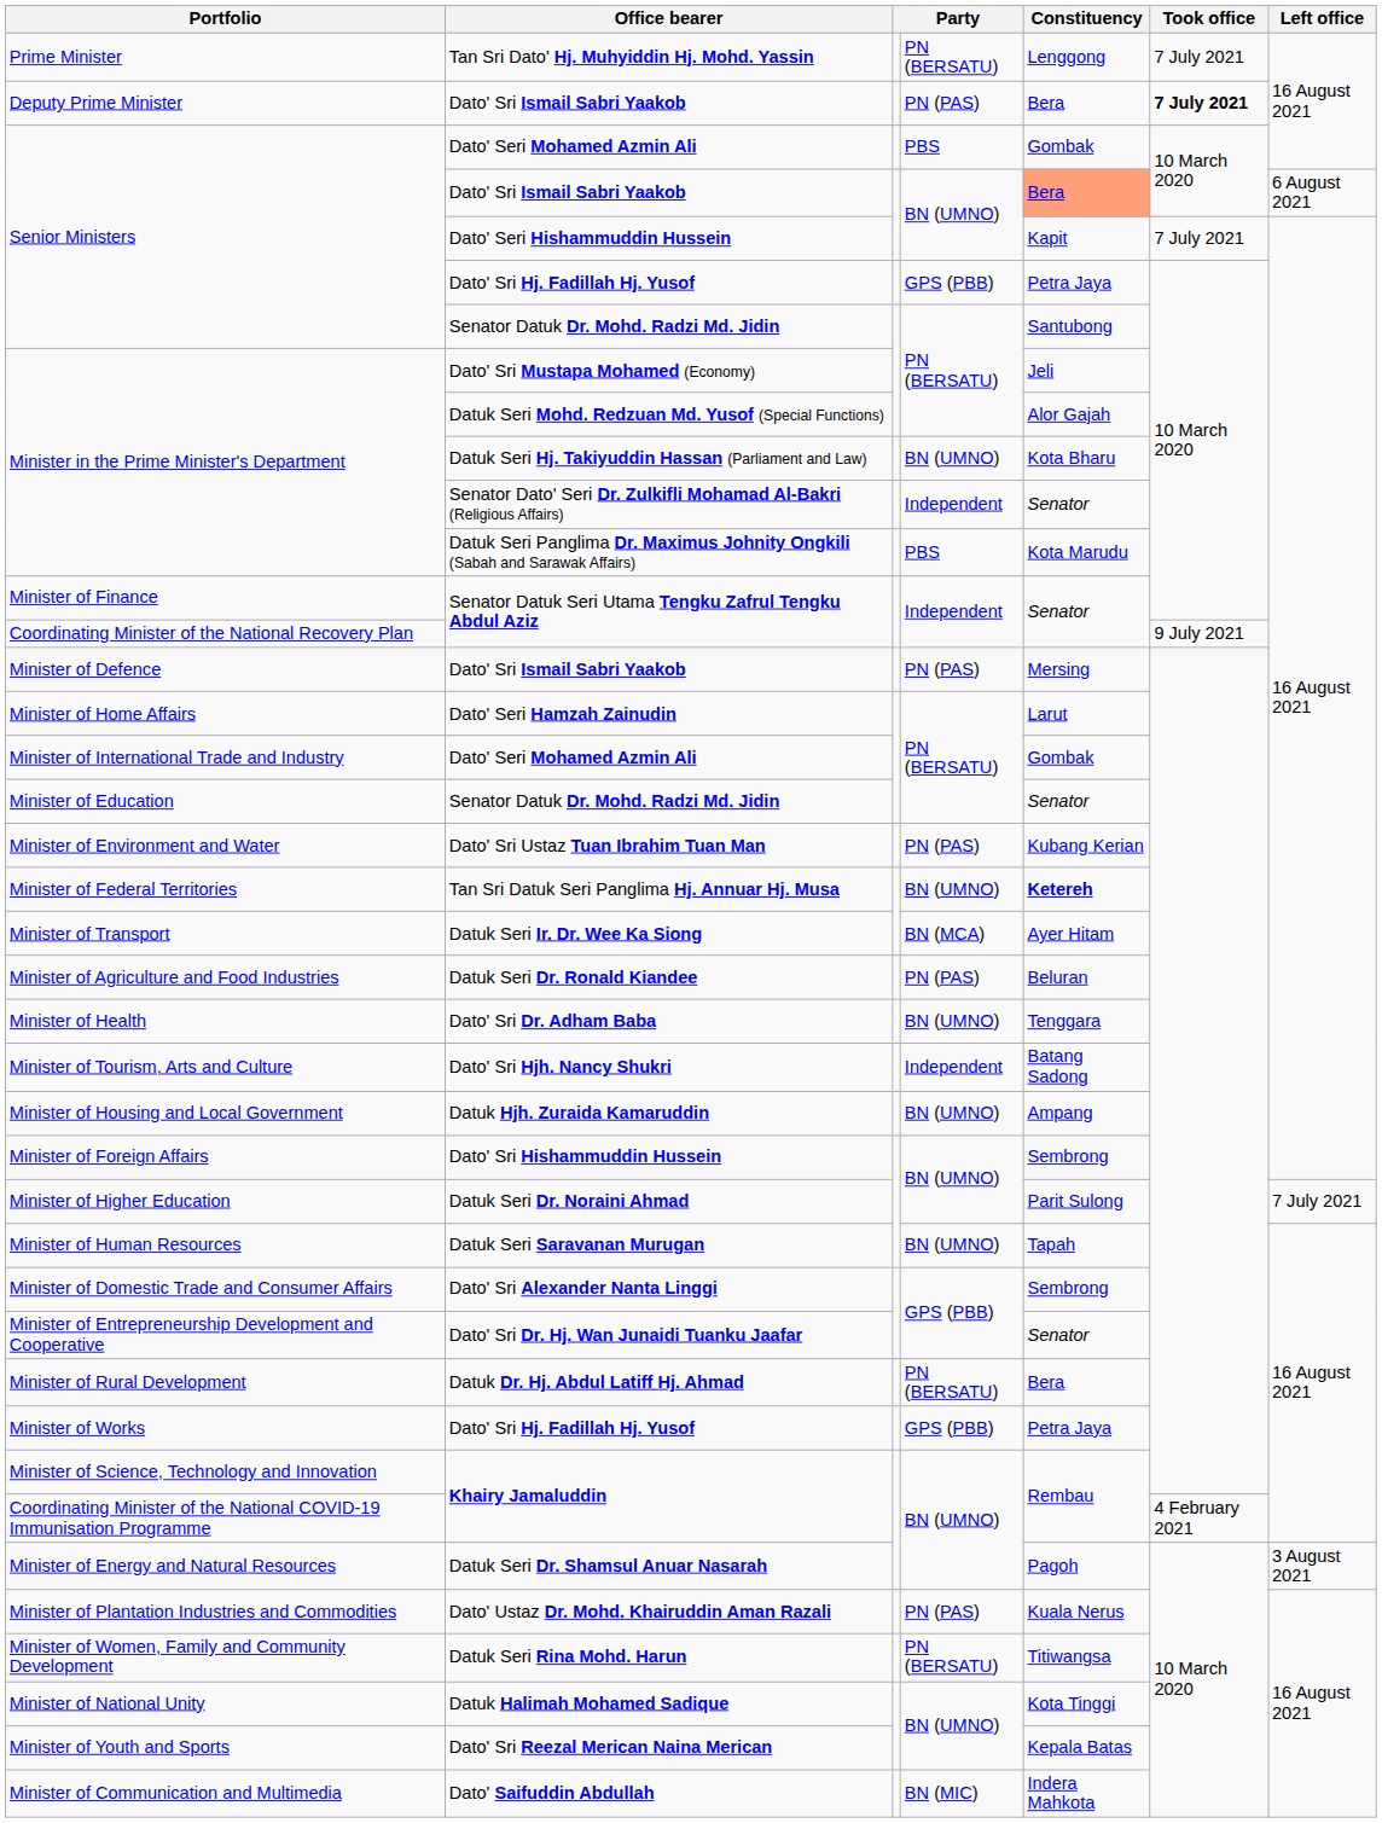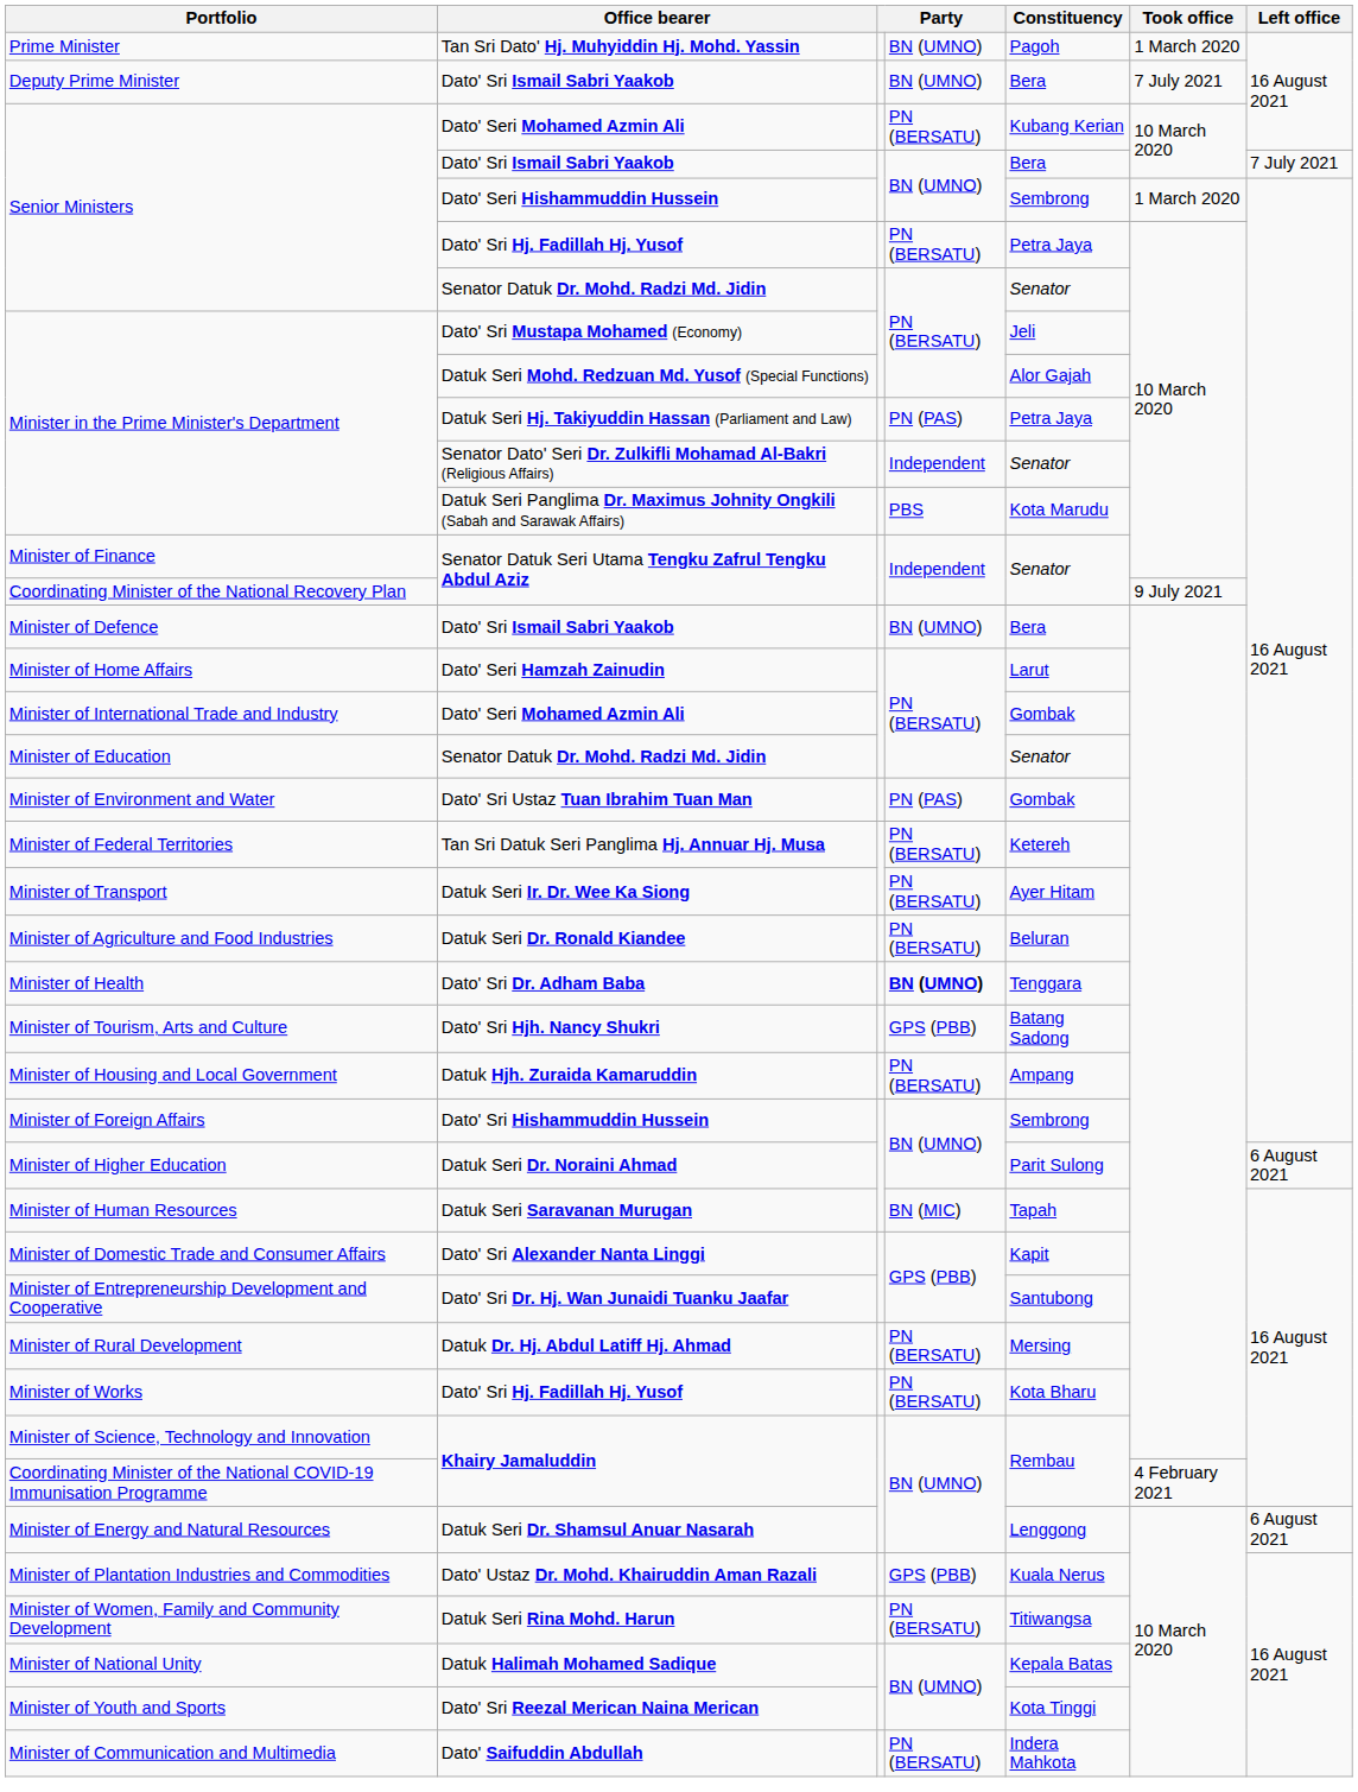 <table class="sortable wikitable">
 <tr>
 <th>Portfolio</th>
 <th>Office bearer</th>
 <th colspan=2>Party</th>
 <th>Constituency</th>
 <th>Took office</th>
 <th>Left office</th>
 </tr>
 <tr>
 <td><a href='#'>Prime Minister</a></td>
 <td>Tan Sri Dato' <strong><a href='#'>Hj. Muhyiddin Hj. Mohd. Yassin</a></strong> </td>
 <td></td>
-<td><a href='#'>PN</a> (<a href='#'>BERSATU</a>)</td>
-<td><a href='#'>Lenggong</a></td>
-<td>7 July 2021</td>
+<td><a href='#'>BN</a> (<a href='#'>UMNO</a>)</td>
+<td><a href='#'>Pagoh</a></td>
+<td>1 March 2020</td>
 <td rowspan="3">16 August 2021</td>
 </tr>
 <tr style="height: 40px;">
 <td><a href='#'>Deputy Prime Minister</a></td>
 <td>Dato' Sri <strong><a href='#'>Ismail Sabri Yaakob</a></strong> </td>
 <td></td>
-<td><a href='#'>PN</a> (<a href='#'>PAS</a>)</td>
+<td><a href='#'>BN</a> (<a href='#'>UMNO</a>)</td>
 <td><a href='#'>Bera</a></td>
-<td><strong>7 July 2021</strong></td>
+<td>7 July 2021</td>
 </tr>
 <tr style="height: 40px;">
 <td rowspan="5"><a href='#'>Senior Ministers</a></td>
 <td>Dato' Seri <strong><a href='#'>Mohamed Azmin Ali</a></strong>  </td>
 <td></td>
-<td><a href='#'>PBS</a></td>
-<td><a href='#'>Gombak</a></td>
+<td><a href='#'>PN</a> (<a href='#'>BERSATU</a>)</td>
+<td><a href='#'>Kubang Kerian</a></td>
 <td rowspan="2">10 March 2020</td>
 </tr>
 <tr>
 <td>Dato' Sri <strong><a href='#'>Ismail Sabri Yaakob</a></strong>  </td>
 <td rowspan="2"></td>
 <td rowspan="2"><a href='#'>BN</a> (<a href='#'>UMNO</a>)</td>
-<td style="background: lightsalmon;"><a href='#'>Bera</a></td>
-<td>6 August 2021</td>
+<td><a href='#'>Bera</a></td>
+<td>7 July 2021</td>
 </tr>
 <tr style="height: 40px;">
 <td>Dato' Seri <strong><a href='#'>Hishammuddin Hussein</a></strong>  </td>
-<td><a href='#'>Kapit</a></td>
-<td>7 July 2021</td>
+<td><a href='#'>Sembrong</a></td>
+<td>1 March 2020</td>
 <td rowspan="22">16 August 2021</td>
 </tr>
 <tr style="height: 40px;">
 <td>Dato' Sri <strong><a href='#'>Hj. Fadillah Hj. Yusof</a></strong>  </td>
 <td></td>
-<td><a href='#'>GPS</a> (<a href='#'>PBB</a>)</td>
+<td><a href='#'>PN</a> (<a href='#'>BERSATU</a>)</td>
 <td><a href='#'>Petra Jaya</a></td>
 <td rowspan="8">10 March 2020</td>
 </tr>
 <tr style="height: 40px;">
 <td>Senator Datuk <strong><a href='#'>Dr. Mohd. Radzi Md. Jidin</a></strong> </td>
 <td rowspan="3"></td>
 <td rowspan="3"><a href='#'>PN</a> (<a href='#'>BERSATU</a>)</td>
-<td><a href='#'>Santubong</a></td>
+<td><em>Senator</em></td>
 </tr>
 <tr style="height: 40px;">
 <td rowspan="5"><a href='#'>Minister in the Prime Minister's Department</a></td>
 <td>Dato' Sri <strong><a href='#'>Mustapa Mohamed</a></strong>  <small>(Economy)</small></td>
 <td><a href='#'>Jeli</a></td>
 </tr>
 <tr style="height: 40px;">
 <td>Datuk Seri <strong><a href='#'>Mohd. Redzuan Md. Yusof</a></strong>  <small>(Special Functions)</small></td>
 <td><a href='#'>Alor Gajah</a></td>
 </tr>
 <tr style="height: 40px;">
 <td>Datuk Seri <strong><a href='#'>Hj. Takiyuddin Hassan</a></strong>  <small>(Parliament and Law)</small></td>
 <td></td>
-<td><a href='#'>BN</a> (<a href='#'>UMNO</a>)</td>
-<td><a href='#'>Kota Bharu</a></td>
+<td><a href='#'>PN</a> (<a href='#'>PAS</a>)</td>
+<td><a href='#'>Petra Jaya</a></td>
 </tr>
 <tr style="height: 40px;">
 <td>Senator Dato' Seri <strong><a href='#'>Dr. Zulkifli Mohamad Al-Bakri</a></strong> <small>(Religious Affairs)</small></td>
 <td></td>
 <td><a href='#'>Independent</a></td>
 <td><em>Senator</em></td>
 </tr>
 <tr style="height: 40px;">
 <td>Datuk Seri Panglima <strong><a href='#'>Dr. Maximus Johnity Ongkili</a></strong>  <small>(Sabah and Sarawak Affairs)</small></td>
 <td style="background:"></td>
 <td><a href='#'>PBS</a></td>
 <td><a href='#'>Kota Marudu</a></td>
 </tr>
 <tr style="height: 40px;">
 <td><a href='#'>Minister of Finance</a></td>
 <td rowspan="2">Senator Datuk Seri Utama <strong><a href='#'>Tengku Zafrul Tengku Abdul Aziz</a></strong></td>
 <td rowspan="2"></td>
 <td rowspan="2"><a href='#'>Independent</a></td>
 <td rowspan="2"><em>Senator</em></td>
 </tr>
 <tr>
 <td><a href='#'>Coordinating Minister of the National Recovery Plan</a></td>
 <td>9 July 2021</td>
 </tr>
 <tr style="height: 40px;">
 <td><a href='#'>Minister of Defence</a></td>
 <td>Dato' Sri <strong><a href='#'>Ismail Sabri Yaakob</a></strong> </td>
 <td></td>
-<td><a href='#'>PN</a> (<a href='#'>PAS</a>)</td>
-<td><a href='#'>Mersing</a></td>
+<td><a href='#'>BN</a> (<a href='#'>UMNO</a>)</td>
+<td><a href='#'>Bera</a></td>
 <td rowspan="19"></td>
 </tr>
 <tr style="height: 40px;">
 <td><a href='#'>Minister of Home Affairs</a></td>
 <td>Dato' Seri <strong><a href='#'>Hamzah Zainudin</a></strong> </td>
 <td rowspan=3></td>
 <td rowspan=3><a href='#'>PN</a> (<a href='#'>BERSATU</a>)</td>
 <td><a href='#'>Larut</a></td>
 </tr>
 <tr style="height: 40px;">
 <td><a href='#'>Minister of International Trade and Industry</a></td>
 <td>Dato' Seri <strong><a href='#'>Mohamed Azmin Ali</a></strong> </td>
 <td><a href='#'>Gombak</a></td>
 </tr>
 <tr style="height: 40px;">
 <td><a href='#'>Minister of Education</a></td>
 <td>Senator Datuk <strong><a href='#'>Dr. Mohd. Radzi Md. Jidin</a></strong></td>
 <td><em>Senator</em></td>
 </tr>
 <tr style="height: 40px;">
 <td><a href='#'>Minister of Environment and Water</a></td>
 <td>Dato' Sri Ustaz <strong><a href='#'>Tuan Ibrahim Tuan Man</a></strong> </td>
 <td></td>
 <td><a href='#'>PN</a> (<a href='#'>PAS</a>)</td>
-<td><a href='#'>Kubang Kerian</a></td>
+<td><a href='#'>Gombak</a></td>
 </tr>
 <tr style="height: 40px;">
 <td><a href='#'>Minister of Federal Territories</a></td>
 <td>Tan Sri Datuk Seri Panglima <strong><a href='#'>Hj. Annuar Hj. Musa</a></strong> </td>
 <td rowspan=2></td>
-<td><a href='#'>BN</a> (<a href='#'>UMNO</a>)</td>
-<td><strong><a href='#'>Ketereh</a></strong></td>
+<td><a href='#'>PN</a> (<a href='#'>BERSATU</a>)</td>
+<td><a href='#'>Ketereh</a></td>
 </tr>
 <tr style="height: 40px;">
 <td><a href='#'>Minister of Transport</a></td>
 <td>Datuk Seri <strong><a href='#'>Ir. Dr. Wee Ka Siong</a></strong> </td>
-<td><a href='#'>BN</a> (<a href='#'>MCA</a>)</td>
+<td><a href='#'>PN</a> (<a href='#'>BERSATU</a>)</td>
 <td><a href='#'>Ayer Hitam</a></td>
 </tr>
 <tr style="height: 40px;">
 <td><a href='#'>Minister of Agriculture and Food Industries</a></td>
 <td>Datuk Seri <strong><a href='#'>Dr. Ronald Kiandee</a></strong> </td>
 <td></td>
-<td><a href='#'>PN</a> (<a href='#'>PAS</a>)</td>
+<td><a href='#'>PN</a> (<a href='#'>BERSATU</a>)</td>
 <td><a href='#'>Beluran</a></td>
 </tr>
 <tr style="height: 40px;">
 <td><a href='#'>Minister of Health</a></td>
 <td>Dato' Sri <strong><a href='#'>Dr. Adham Baba</a> </strong> </td>
 <td></td>
-<td><a href='#'>BN</a> (<a href='#'>UMNO</a>)</td>
+<td><strong><a href='#'>BN</a> (<a href='#'>UMNO</a>)</strong></td>
 <td><a href='#'>Tenggara</a></td>
 </tr>
 <tr style="height: 40px;">
 <td><a href='#'>Minister of Tourism, Arts and Culture</a></td>
 <td>Dato' Sri <strong><a href='#'>Hjh. Nancy Shukri</a></strong> </td>
 <td></td>
-<td><a href='#'>Independent</a></td>
+<td><a href='#'>GPS</a> (<a href='#'>PBB</a>)</td>
 <td><a href='#'>Batang Sadong</a></td>
 </tr>
 <tr style="height: 40px;">
 <td><a href='#'>Minister of Housing and Local Government</a></td>
 <td>Datuk <strong><a href='#'>Hjh. Zuraida Kamaruddin</a></strong> </td>
 <td></td>
-<td><a href='#'>BN</a> (<a href='#'>UMNO</a>)</td>
+<td><a href='#'>PN</a> (<a href='#'>BERSATU</a>)</td>
 <td><a href='#'>Ampang</a></td>
 </tr>
 <tr style="height: 40px;">
 <td><a href='#'>Minister of Foreign Affairs</a></td>
 <td>Dato' Sri <strong><a href='#'>Hishammuddin Hussein</a></strong> </td>
 <td rowspan=3></td>
 <td rowspan=2><a href='#'>BN</a> (<a href='#'>UMNO</a>)</td>
 <td><a href='#'>Sembrong</a></td>
 </tr>
 <tr style="height: 40px;">
 <td><a href='#'>Minister of Higher Education</a></td>
 <td>Datuk Seri <strong><a href='#'>Dr. Noraini Ahmad</a></strong> </td>
 <td><a href='#'>Parit Sulong</a></td>
-<td>7 July 2021</td>
+<td>6 August 2021</td>
 </tr>
 <tr style="height: 40px;">
 <td><a href='#'>Minister of Human Resources</a></td>
 <td>Datuk Seri <strong><a href='#'>Saravanan Murugan</a></strong> </td>
-<td><a href='#'>BN</a> (<a href='#'>UMNO</a>)</td>
+<td><a href='#'>BN</a> (<a href='#'>MIC</a>)</td>
 <td><a href='#'>Tapah</a></td>
 <td rowspan="7">16 August 2021</td>
 </tr>
 <tr style="height: 40px;">
 <td><a href='#'>Minister of Domestic Trade and Consumer Affairs</a></td>
 <td>Dato' Sri <strong><a href='#'>Alexander Nanta Linggi</a></strong> </td>
 <td rowspan=2></td>
 <td rowspan=2><a href='#'>GPS</a> (<a href='#'>PBB</a>)</td>
-<td><a href='#'>Sembrong</a></td>
+<td><a href='#'>Kapit</a></td>
 </tr>
 <tr style="height: 40px;">
 <td><a href='#'>Minister of Entrepreneurship Development and Cooperative</a></td>
 <td>Dato' Sri <strong><a href='#'>Dr. Hj. Wan Junaidi Tuanku Jaafar</a></strong> </td>
-<td><em>Senator</em></td>
+<td><a href='#'>Santubong</a></td>
 </tr>
 <tr style="height: 40px;">
 <td><a href='#'>Minister of Rural Development</a></td>
 <td>Datuk <strong><a href='#'>Dr. Hj. Abdul Latiff Hj. Ahmad</a></strong> </td>
 <td></td>
 <td><a href='#'>PN</a> (<a href='#'>BERSATU</a>)</td>
-<td><a href='#'>Bera</a></td>
+<td><a href='#'>Mersing</a></td>
 </tr>
 <tr style="height: 40px;">
 <td><a href='#'>Minister of Works</a></td>
 <td>Dato' Sri <strong><a href='#'>Hj. Fadillah Hj. Yusof</a></strong> </td>
 <td></td>
-<td><a href='#'>GPS</a> (<a href='#'>PBB</a>)</td>
-<td><a href='#'>Petra Jaya</a></td>
+<td><a href='#'>PN</a> (<a href='#'>BERSATU</a>)</td>
+<td><a href='#'>Kota Bharu</a></td>
 </tr>
 <tr style="height: 40px;">
 <td><a href='#'>Minister of Science, Technology and Innovation</a></td>
 <td rowspan="2"><strong><a href='#'>Khairy Jamaluddin</a></strong> </td>
 <td rowspan="3"></td>
 <td rowspan="3"><a href='#'>BN</a> (<a href='#'>UMNO</a>)</td>
 <td rowspan="2"><a href='#'>Rembau</a></td>
 </tr>
 <tr>
 <td><a href='#'>Coordinating Minister of the National COVID-19 Immunisation Programme</a></td>
 <td>4 February 2021</td>
 </tr>
 <tr style="height: 40px;">
 <td><a href='#'>Minister of Energy and Natural Resources</a></td>
 <td>Datuk Seri <strong><a href='#'>Dr. Shamsul Anuar Nasarah</a></strong> </td>
-<td><a href='#'>Pagoh</a></td>
+<td><a href='#'>Lenggong</a></td>
 <td rowspan="6">10 March 2020</td>
-<td>3 August 2021</td>
+<td>6 August 2021</td>
 </tr>
 <tr style="height: 40px;">
 <td><a href='#'>Minister of Plantation Industries and Commodities</a></td>
 <td>Dato' Ustaz <strong><a href='#'>Dr. Mohd. Khairuddin Aman Razali</a></strong> </td>
 <td></td>
-<td><a href='#'>PN</a> (<a href='#'>PAS</a>)</td>
+<td><a href='#'>GPS</a> (<a href='#'>PBB</a>)</td>
 <td><a href='#'>Kuala Nerus</a></td>
 <td rowspan="31">16 August 2021</td>
 </tr>
 <tr style="height: 40px;">
 <td><a href='#'>Minister of Women, Family and Community Development</a></td>
 <td>Datuk Seri <strong><a href='#'>Rina Mohd. Harun</a></strong> </td>
 <td></td>
 <td><a href='#'>PN</a> (<a href='#'>BERSATU</a>)</td>
 <td><a href='#'>Titiwangsa</a></td>
 </tr>
 <tr style="height: 40px;">
 <td><a href='#'>Minister of National Unity</a></td>
 <td>Datuk <strong><a href='#'>Halimah Mohamed Sadique</a></strong> </td>
 <td rowspan=2></td>
 <td rowspan=2><a href='#'>BN</a> (<a href='#'>UMNO</a>)</td>
-<td><a href='#'>Kota Tinggi</a></td>
+<td><a href='#'>Kepala Batas</a></td>
 </tr>
 <tr style="height: 40px;">
 <td><a href='#'>Minister of Youth and Sports</a></td>
 <td>Dato' Sri <strong><a href='#'>Reezal Merican Naina Merican</a></strong> </td>
-<td><a href='#'>Kepala Batas</a></td>
+<td><a href='#'>Kota Tinggi</a></td>
 </tr>
 <tr style="height: 40px;">
 <td><a href='#'>Minister of Communication and Multimedia</a></td>
 <td>Dato' <strong><a href='#'>Saifuddin Abdullah</a></strong> </td>
 <td></td>
-<td><a href='#'>BN</a> (<a href='#'>MIC</a>)</td>
+<td><a href='#'>PN</a> (<a href='#'>BERSATU</a>)</td>
 <td><a href='#'>Indera Mahkota</a></td>
 </tr>
 </table>
